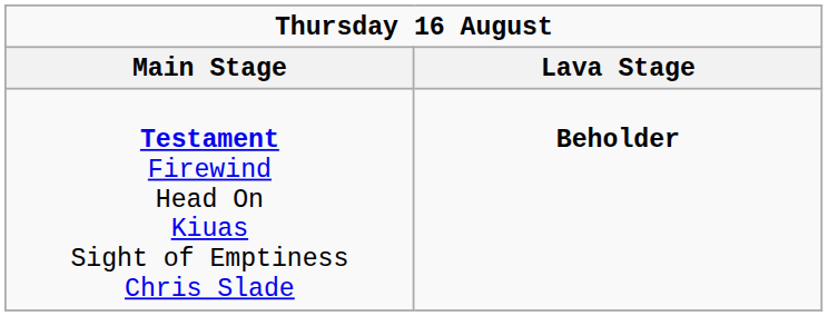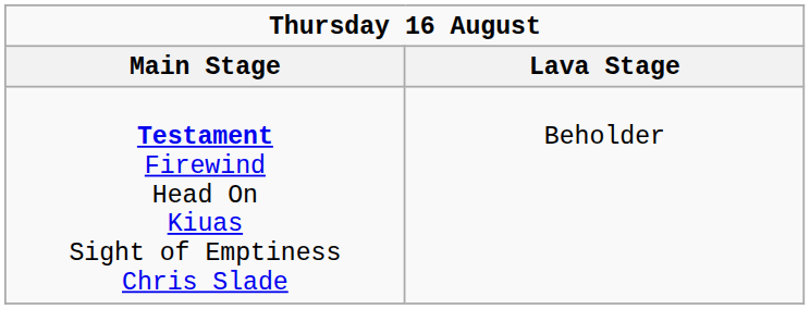 <table class="wikitable">
 <tr>
 <td colspan="2" align="center"><strong>Thursday 16 August</strong></td>
 </tr>
 <tr>
 <th>Main Stage</th>
 <th>Lava Stage</th>
 </tr>
 <tr>
 <td valign="top" align="center" width=200><br><strong><a href='#'>Testament</a></strong><br> <a href='#'>Firewind</a><br> Head On<br> <a href='#'>Kiuas</a><br> Sight of Emptiness<br> <a href='#'>Chris Slade</a><br></td>
-<td valign="top" align="center" width=200><strong><br>Beholder</strong></td>
+<td valign="top" align="center" width=200><br>Beholder</td>
 </tr>
 </table>
